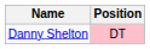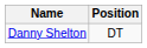 <table class="wikitable" style="text-align:center">
 <tr>
 <th>Name</th>
 <th>Position</th>
 </tr>
 <tr>
 <td><a href='#'>Danny Shelton</a></td>
-<td style="background: pink;">DT</td>
+<td>DT</td>
 </tr>
 </table>
